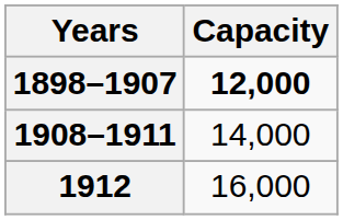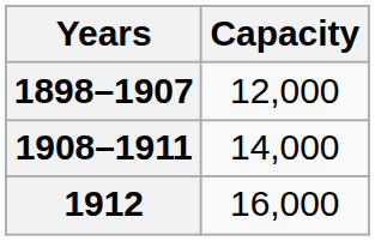 <table class="wikitable">
 <tr>
 <th scope="row">Years</th>
 <th scope="row">Capacity</th>
 </tr>
 <tr>
 <th scope="row">1898–1907</th>
-<td style="text-align:center"><strong>12,000</strong></td>
+<td style="text-align:center">12,000</td>
 </tr>
 <tr>
 <th scope="row">1908–1911</th>
 <td style="text-align:center">14,000</td>
 </tr>
 <tr>
 <th scope="row">1912</th>
 <td style="text-align:center">16,000</td>
 </tr>
 </table>
